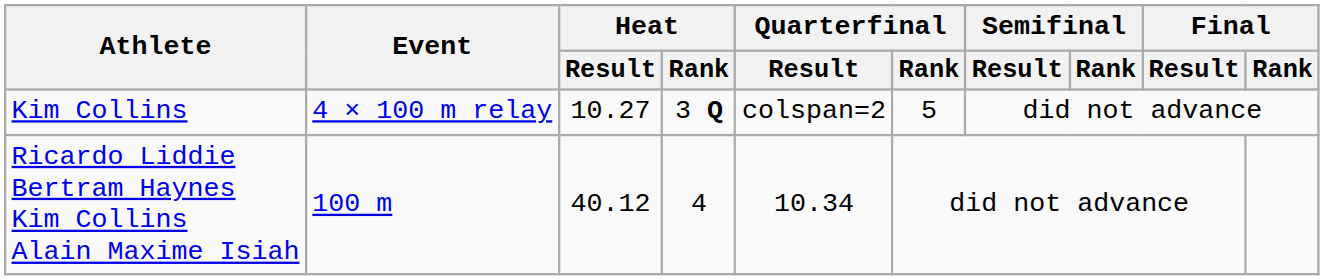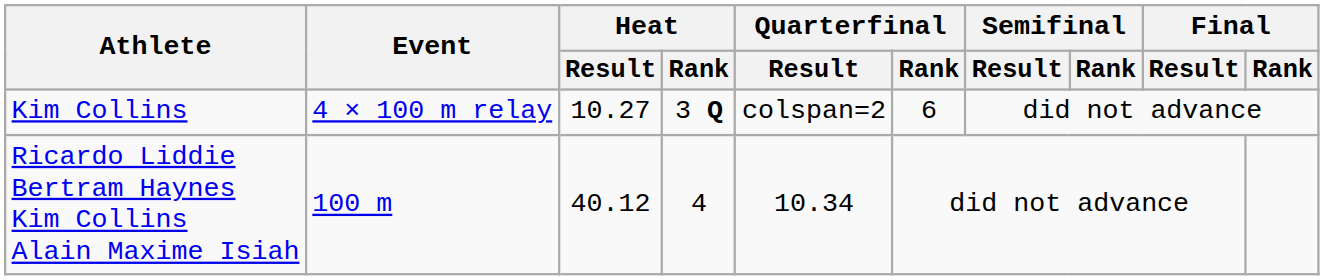 <table class="wikitable" style="font-size:90%">
 <tr>
 <th rowspan="2">Athlete</th>
 <th rowspan="2">Event</th>
 <th colspan="2">Heat</th>
 <th colspan="2">Quarterfinal</th>
 <th colspan="2">Semifinal</th>
 <th colspan="2">Final</th>
 </tr>
 <tr style="font-size:95%">
 <th>Result</th>
 <th>Rank</th>
 <th>Result</th>
 <th>Rank</th>
 <th>Result</th>
 <th>Rank</th>
 <th>Result</th>
 <th>Rank</th>
 </tr>
 <tr align=center>
 <td align=left><a href='#'>Kim Collins</a></td>
 <td align=left><a href='#'>4 × 100 m relay</a></td>
 <td>10.27</td>
 <td>3 <strong>Q</strong></td>
 <td>colspan=2 </td>
-<td>5</td>
+<td>6</td>
 <td colspan=4>did not advance</td>
 </tr>
 <tr align=center>
 <td align=left><a href='#'>Ricardo Liddie</a><br><a href='#'>Bertram Haynes</a><br><a href='#'>Kim Collins</a><br><a href='#'>Alain Maxime Isiah</a></td>
 <td align=left><a href='#'>100 m</a></td>
 <td>40.12</td>
 <td>4</td>
 <td>10.34</td>
 <td colspan=4>did not advance</td>
 </tr>
 </table>
